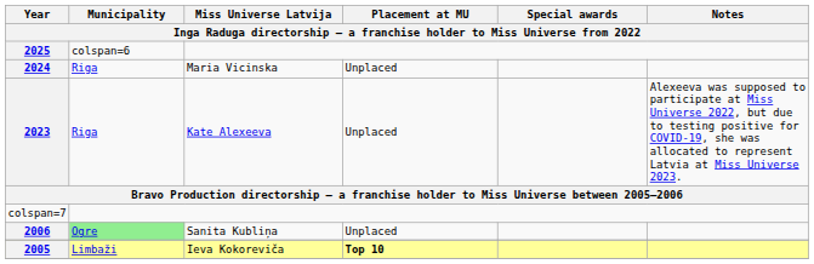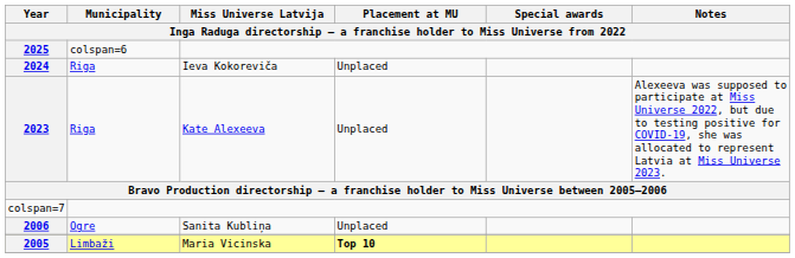 <table class="wikitable " style="font-size: 90%;">
 <tr>
 <th width="60">Year</th>
 <th width="150">Municipality</th>
 <th width="250">Miss Universe Latvija</th>
 <th width="250">Placement at MU</th>
 <th width="250">Special awards</th>
 <th width="250">Notes</th>
 </tr>
 <tr>
 <th colspan="7">Inga Raduga directorship — a franchise holder to Miss Universe from 2022</th>
 </tr>
 <tr>
 <th><a href='#'>2025</a></th>
 <td>colspan=6 </td>
 </tr>
 <tr>
 <th><a href='#'>2024</a></th>
 <td><a href='#'>Riga</a></td>
-<td>Maria Vicinska</td>
+<td>Ieva Kokoreviča</td>
 <td>Unplaced</td>
 <td></td>
 <td></td>
 </tr>
 <tr>
 <th><a href='#'>2023</a></th>
 <td><a href='#'>Riga</a></td>
 <td><a href='#'>Kate Alexeeva</a></td>
 <td>Unplaced</td>
 <td></td>
 <td>Alexeeva was supposed to participate at <a href='#'>Miss Universe 2022</a>, but due to testing positive for <a href='#'>COVID-19</a>, she was allocated to represent Latvia at <a href='#'>Miss Universe 2023</a>.</td>
 </tr>
 <tr>
 <th colspan="7">Bravo Production directorship — a franchise holder to Miss Universe between 2005―2006</th>
 </tr>
 <tr>
 <td>colspan=7 </td>
 </tr>
 <tr>
 <th><a href='#'>2006</a></th>
-<td style="background: lightgreen;"><a href='#'>Ogre</a></td>
+<td><a href='#'>Ogre</a></td>
 <td>Sanita Kubliņa</td>
 <td>Unplaced</td>
 <td></td>
 <td></td>
 </tr>
 <tr>
 </tr>
 <tr style="background-color:#FFFF99;">
 <th><a href='#'>2005</a></th>
 <td><a href='#'>Limbaži</a></td>
-<td>Ieva Kokoreviča</td>
+<td>Maria Vicinska</td>
 <td><strong>Top 10</strong></td>
 <td></td>
 <td></td>
 </tr>
 <tr>
 </tr>
 </table>
